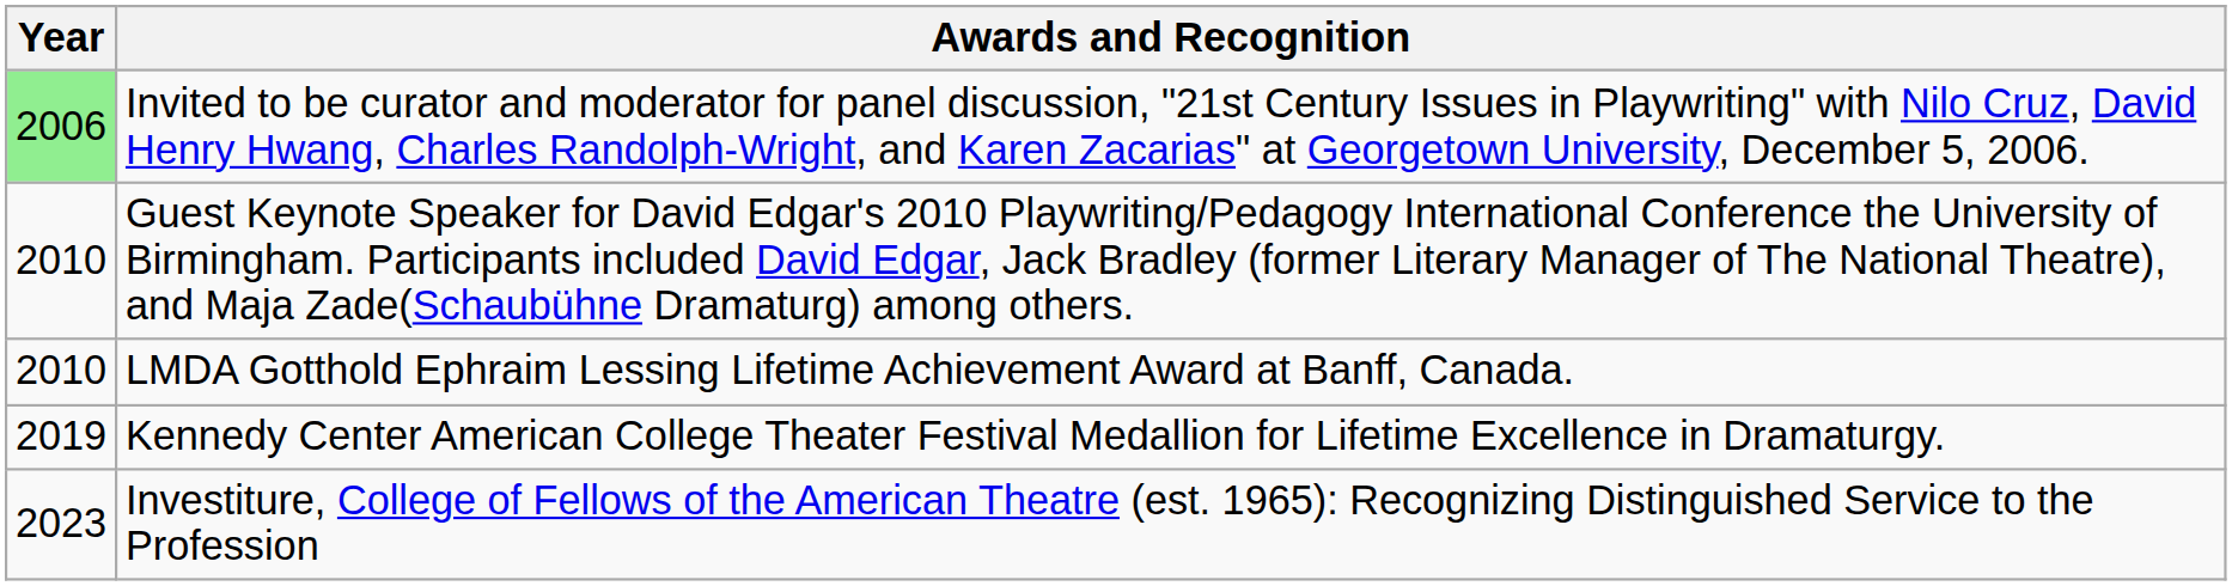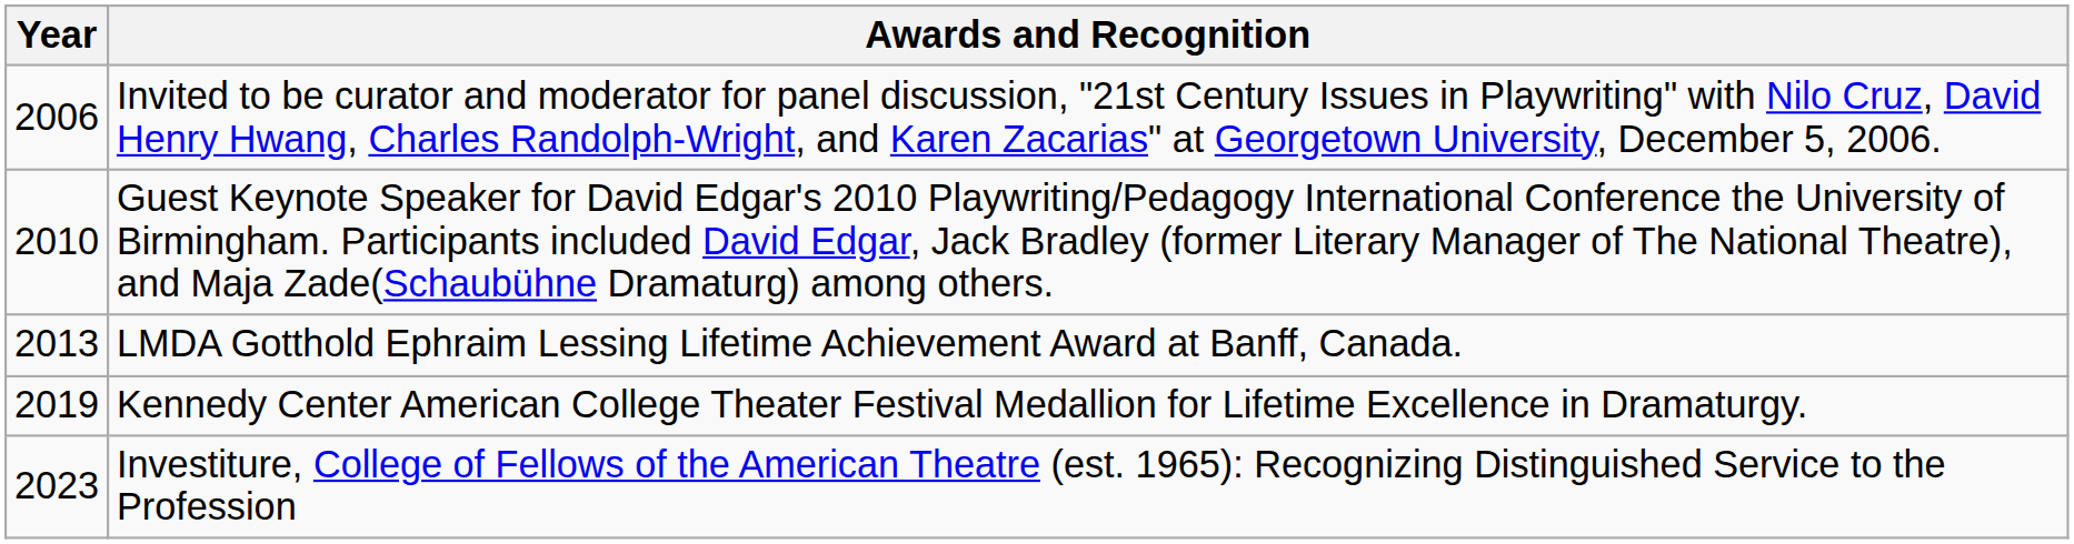 <table class="wikitable">
 <tr>
 <th>Year</th>
 <th>Awards and Recognition</th>
 </tr>
 <tr>
-<td style="background: lightgreen;">2006</td>
+<td>2006</td>
 <td>Invited to be curator and moderator for panel discussion, "21st Century Issues in Playwriting" with <a href='#'>Nilo Cruz</a>, <a href='#'>David Henry Hwang</a>, <a href='#'>Charles Randolph-Wright</a>, and <a href='#'>Karen Zacarias</a>" at <a href='#'>Georgetown University</a>, December 5, 2006.</td>
 </tr>
 <tr>
 <td>2010</td>
 <td>Guest Keynote Speaker for David Edgar's 2010 Playwriting/Pedagogy International Conference the University of Birmingham. Participants included <a href='#'>David Edgar</a>, Jack Bradley (former Literary Manager of The National Theatre), and Maja Zade(<a href='#'>Schaubühne</a> Dramaturg) among others.</td>
 </tr>
 <tr>
-<td>2010</td>
+<td>2013</td>
 <td>LMDA Gotthold Ephraim Lessing Lifetime Achievement Award at Banff, Canada.</td>
 </tr>
 <tr>
 <td>2019</td>
 <td>Kennedy Center American College Theater Festival Medallion for Lifetime Excellence in Dramaturgy.</td>
 </tr>
 <tr>
 <td>2023</td>
 <td>Investiture, <a href='#'>College of Fellows of the American Theatre</a> (est. 1965): Recognizing Distinguished Service to the Profession</td>
 </tr>
 </table>
